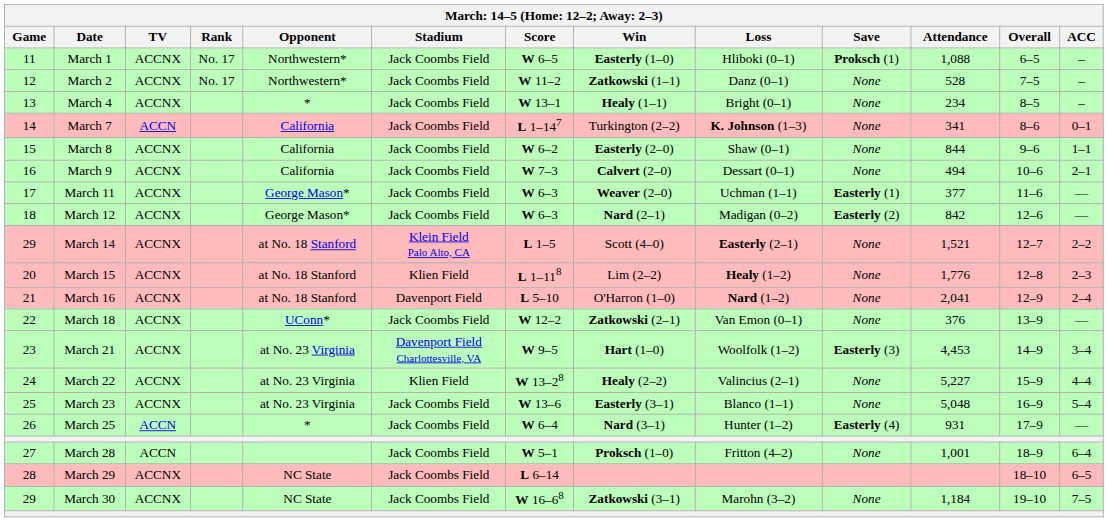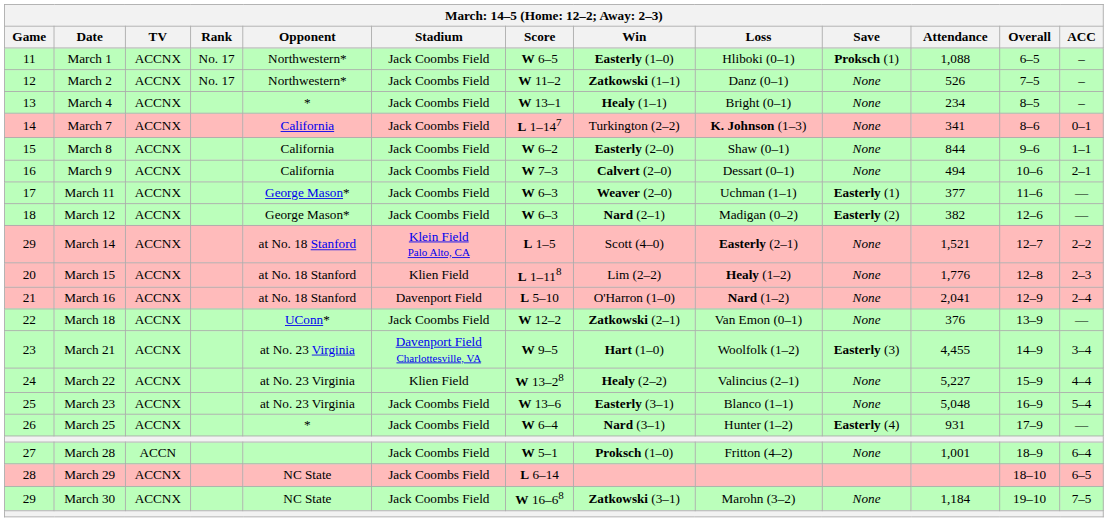 <table class="wikitable collapsible collapsed" style="margin:auto; width:100%; text-align:center; font-size:95%">
 <tr>
 <th colspan=13>March: 14–5 (Home: 12–2; Away: 2–3)</th>
 </tr>
 <tr>
 <th>Game</th>
 <th>Date</th>
 <th>TV</th>
 <th>Rank</th>
 <th>Opponent</th>
 <th>Stadium</th>
 <th>Score</th>
 <th>Win</th>
 <th>Loss</th>
 <th>Save</th>
 <th>Attendance</th>
 <th>Overall</th>
 <th>ACC</th>
 </tr>
 <tr style="background:#bfb;">
 <td>11</td>
 <td>March 1</td>
 <td>ACCNX</td>
 <td>No. 17</td>
 <td>Northwestern*</td>
 <td>Jack Coombs Field</td>
 <td><strong>W</strong> 6–5</td>
 <td><strong>Easterly</strong> (1–0)</td>
 <td>Hliboki (0–1)</td>
 <td><strong>Proksch</strong> (1)</td>
 <td>1,088</td>
 <td>6–5</td>
 <td>–</td>
 </tr>
 <tr style="background:#bfb">
 <td>12</td>
 <td>March 2</td>
 <td>ACCNX</td>
 <td>No. 17</td>
 <td>Northwestern*</td>
 <td>Jack Coombs Field</td>
 <td><strong>W</strong> 11–2</td>
 <td><strong>Zatkowski</strong> (1–1)</td>
 <td>Danz (0–1)</td>
 <td><em>None</em></td>
-<td>528</td>
+<td>526</td>
 <td>7–5</td>
 <td>–</td>
 </tr>
 <tr style="background:#bfb">
 <td>13</td>
 <td>March 4</td>
 <td>ACCNX</td>
 <td></td>
 <td>*</td>
 <td>Jack Coombs Field</td>
 <td><strong>W</strong> 13–1</td>
 <td><strong>Healy</strong> (1–1)</td>
 <td>Bright (0–1)</td>
 <td><em>None</em></td>
 <td>234</td>
 <td>8–5</td>
 <td>–</td>
 </tr>
 <tr style="background:#fbb;">
 <td>14</td>
 <td>March 7</td>
-<td><a href='#'>ACCN</a></td>
+<td>ACCNX</td>
 <td></td>
 <td><a href='#'>California</a></td>
 <td>Jack Coombs Field</td>
 <td><strong>L</strong> 1–14<sup>7</sup></td>
 <td>Turkington (2–2)</td>
 <td><strong>K. Johnson</strong> (1–3)</td>
 <td><em>None</em></td>
 <td>341</td>
 <td>8–6</td>
 <td>0–1</td>
 </tr>
 <tr style="background:#bfb;">
 <td>15</td>
 <td>March 8</td>
 <td>ACCNX</td>
 <td></td>
 <td>California</td>
 <td>Jack Coombs Field</td>
 <td><strong>W</strong> 6–2</td>
 <td><strong>Easterly</strong> (2–0)</td>
 <td>Shaw (0–1)</td>
 <td><em>None</em></td>
 <td>844</td>
 <td>9–6</td>
 <td>1–1</td>
 </tr>
 <tr style="background:#bfb;">
 <td>16</td>
 <td>March 9</td>
 <td>ACCNX</td>
 <td></td>
 <td>California</td>
 <td>Jack Coombs Field</td>
 <td><strong>W</strong> 7–3</td>
 <td><strong>Calvert</strong> (2–0)</td>
 <td>Dessart (0–1)</td>
 <td><em>None</em></td>
 <td>494</td>
 <td>10–6</td>
 <td>2–1</td>
 </tr>
 <tr style="background:#bfb;">
 <td>17</td>
 <td>March 11</td>
 <td>ACCNX</td>
 <td></td>
 <td><a href='#'>George Mason</a>*</td>
 <td>Jack Coombs Field</td>
 <td><strong>W</strong> 6–3</td>
 <td><strong>Weaver</strong> (2–0)</td>
 <td>Uchman (1–1)</td>
 <td><strong>Easterly</strong> (1)</td>
 <td>377</td>
 <td>11–6</td>
 <td>—</td>
 </tr>
 <tr style="background:#bfb;">
 <td>18</td>
 <td>March 12</td>
 <td>ACCNX</td>
 <td></td>
 <td>George Mason*</td>
 <td>Jack Coombs Field</td>
 <td><strong>W</strong> 6–3</td>
 <td><strong>Nard</strong> (2–1)</td>
 <td>Madigan (0–2)</td>
 <td><strong>Easterly</strong> (2)</td>
-<td>842</td>
+<td>382</td>
 <td>12–6</td>
 <td>—</td>
 </tr>
 <tr style="background:#fbb;">
 <td>29</td>
 <td>March 14</td>
 <td>ACCNX</td>
 <td></td>
 <td>at No. 18 <a href='#'>Stanford</a></td>
 <td><a href='#'>Klein Field</a><br><small><a href='#'>Palo Alto, CA</a></small></td>
 <td><strong>L</strong> 1–5</td>
 <td>Scott (4–0)</td>
 <td><strong>Easterly</strong> (2–1)</td>
 <td><em>None</em></td>
 <td>1,521</td>
 <td>12–7</td>
 <td>2–2</td>
 </tr>
 <tr style="background:#fbb;">
 <td>20</td>
 <td>March 15</td>
 <td>ACCNX</td>
 <td></td>
 <td>at No. 18 Stanford</td>
 <td>Klien Field</td>
 <td><strong>L</strong> 1–11<sup>8</sup></td>
 <td>Lim (2–2)</td>
 <td><strong>Healy</strong> (1–2)</td>
 <td><em>None</em></td>
 <td>1,776</td>
 <td>12–8</td>
 <td>2–3</td>
 </tr>
 <tr style="background:#fbb;">
 <td>21</td>
 <td>March 16</td>
 <td>ACCNX</td>
 <td></td>
 <td>at No. 18 Stanford</td>
 <td>Davenport Field</td>
 <td><strong>L</strong> 5–10</td>
 <td>O'Harron (1–0)</td>
 <td><strong>Nard</strong> (1–2)</td>
 <td><em>None</em></td>
 <td>2,041</td>
 <td>12–9</td>
 <td>2–4</td>
 </tr>
 <tr style="background:#bfb;">
 <td>22</td>
 <td>March 18</td>
 <td>ACCNX</td>
 <td></td>
 <td><a href='#'>UConn</a>*</td>
 <td>Jack Coombs Field</td>
 <td><strong>W</strong> 12–2</td>
 <td><strong>Zatkowski</strong> (2–1)</td>
 <td>Van Emon (0–1)</td>
 <td><em>None</em></td>
 <td>376</td>
 <td>13–9</td>
 <td>—</td>
 </tr>
 <tr style="background:#bfb;">
 <td>23</td>
 <td>March 21</td>
 <td>ACCNX</td>
 <td></td>
 <td>at No. 23 <a href='#'>Virginia</a></td>
 <td><a href='#'>Davenport Field</a><br><small><a href='#'>Charlottesville, VA</a></small></td>
 <td><strong>W</strong> 9–5</td>
 <td><strong>Hart</strong> (1–0)</td>
 <td>Woolfolk (1–2)</td>
 <td><strong>Easterly</strong> (3)</td>
-<td>4,453</td>
+<td>4,455</td>
 <td>14–9</td>
 <td>3–4</td>
 </tr>
 <tr style="background:#bfb;">
 <td>24</td>
 <td>March 22</td>
 <td>ACCNX</td>
 <td></td>
 <td>at No. 23 Virginia</td>
 <td>Klien Field</td>
 <td><strong>W</strong> 13–2<sup>8</sup></td>
 <td><strong>Healy</strong> (2–2)</td>
 <td>Valincius (2–1)</td>
 <td><em>None</em></td>
 <td>5,227</td>
 <td>15–9</td>
 <td>4–4</td>
 </tr>
 <tr style="background:#bfb;">
 <td>25</td>
 <td>March 23</td>
 <td>ACCNX</td>
 <td></td>
 <td>at No. 23 Virginia</td>
 <td>Jack Coombs Field</td>
 <td><strong>W</strong> 13–6</td>
 <td><strong>Easterly</strong> (3–1)</td>
 <td>Blanco (1–1)</td>
 <td><em>None</em></td>
 <td>5,048</td>
 <td>16–9</td>
 <td>5–4</td>
 </tr>
 <tr style="background:#bfb;">
 <td>26</td>
 <td>March 25</td>
-<td><a href='#'>ACCN</a></td>
+<td>ACCNX</td>
 <td></td>
 <td>*</td>
 <td>Jack Coombs Field</td>
 <td><strong>W</strong> 6–4</td>
 <td><strong>Nard</strong> (3–1)</td>
 <td>Hunter (1–2)</td>
 <td><strong>Easterly</strong> (4)</td>
 <td>931</td>
 <td>17–9</td>
 <td>—</td>
 </tr>
 <tr>
 <th colspan=13 style="padding-left:4em;"></th>
 </tr>
 <tr style="background:#bfb;">
 <td>27</td>
 <td>March 28</td>
 <td>ACCN</td>
 <td></td>
 <td></td>
 <td>Jack Coombs Field</td>
 <td><strong>W</strong> 5–1</td>
 <td><strong>Proksch</strong> (1–0)</td>
 <td>Fritton (4–2)</td>
 <td><em>None</em></td>
 <td>1,001</td>
 <td>18–9</td>
 <td>6–4</td>
 </tr>
 <tr style="background:#fbb;">
 <td>28</td>
 <td>March 29</td>
 <td>ACCNX</td>
 <td></td>
 <td>NC State</td>
 <td>Jack Coombs Field</td>
 <td><strong>L</strong> 6–14</td>
 <td></td>
 <td></td>
 <td></td>
 <td></td>
 <td>18–10</td>
 <td>6–5</td>
 </tr>
 <tr style="background:#bfb;">
 <td>29</td>
 <td>March 30</td>
 <td>ACCNX</td>
 <td></td>
 <td>NC State</td>
 <td>Jack Coombs Field</td>
 <td><strong>W</strong> 16–6<sup>8</sup></td>
 <td><strong>Zatkowski</strong> (3–1)</td>
 <td>Marohn (3–2)</td>
 <td><em>None</em></td>
 <td>1,184</td>
 <td>19–10</td>
 <td>7–5</td>
 </tr>
 <tr>
 <th colspan=13 style="padding-left:4em;"></th>
 </tr>
 </table>
